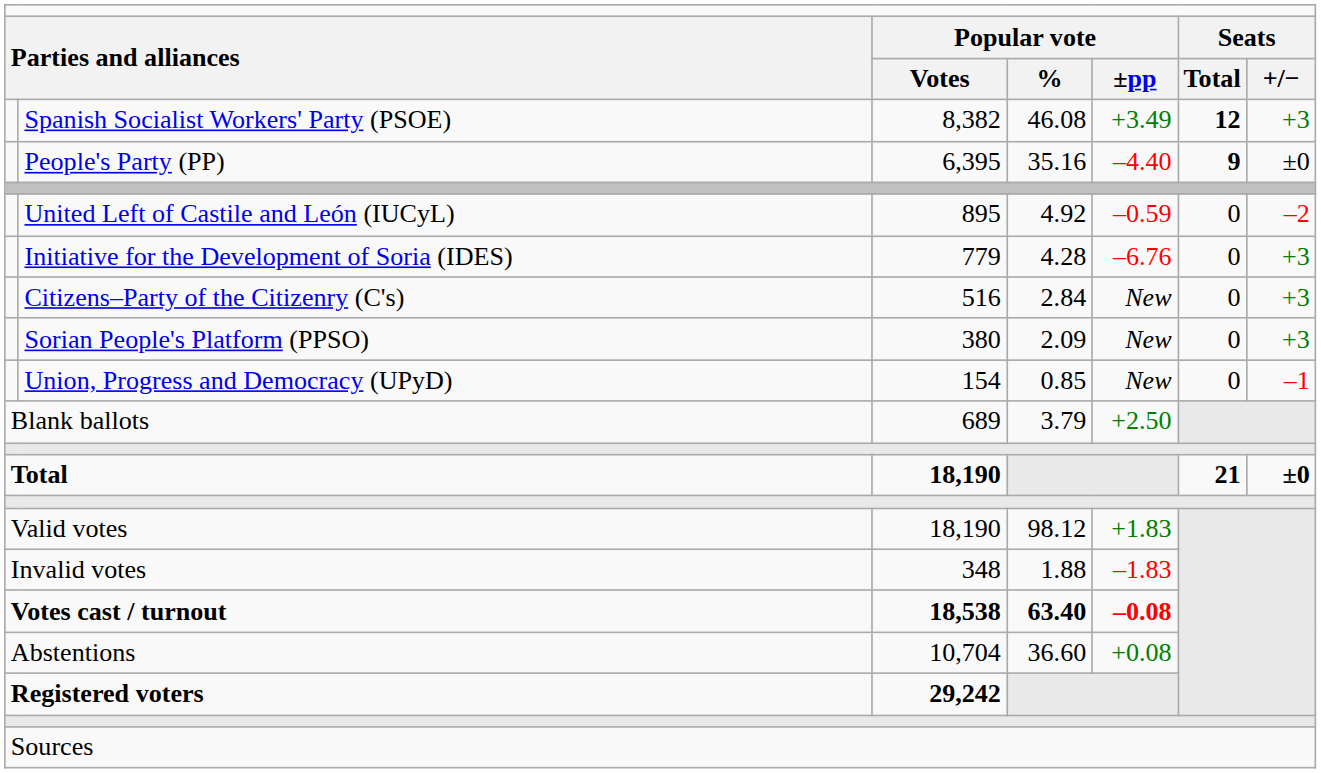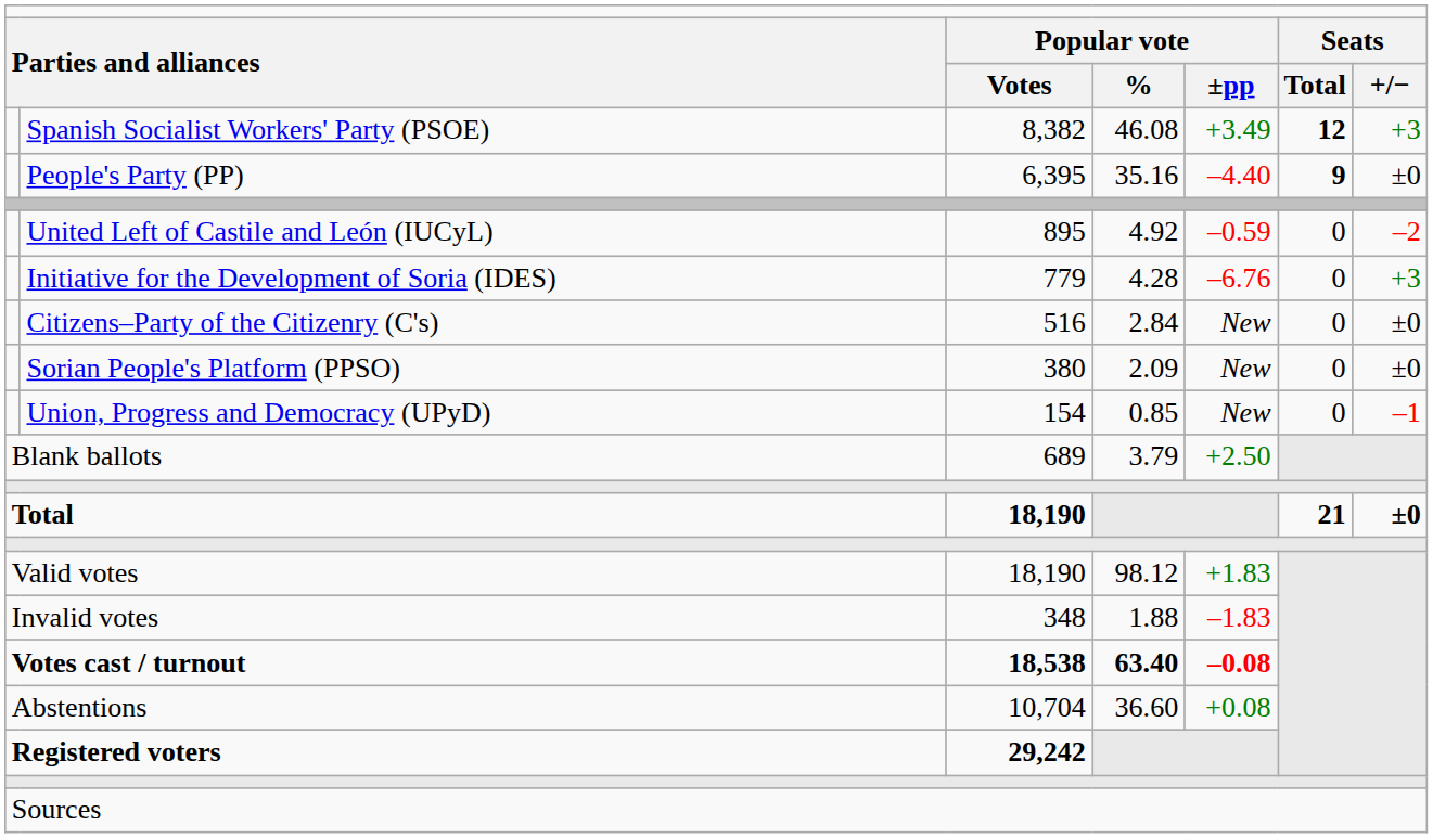 <table class="wikitable" style="text-align:right;">
 <tr>
 <td colspan="7"></td>
 </tr>
 <tr>
 <th style="text-align:left;" rowspan="2" colspan="2" width="525">Parties and alliances</th>
 <th colspan="3">Popular vote</th>
 <th colspan="2">Seats</th>
 </tr>
 <tr>
 <th width="75">Votes</th>
 <th width="45">%</th>
 <th width="45">±<a href='#'>pp</a></th>
 <th width="35">Total</th>
 <th width="35">+/−</th>
 </tr>
 <tr>
 <td width="1" style="color:inherit;background:"></td>
 <td align="left"><a href='#'>Spanish Socialist Workers' Party</a> (PSOE)</td>
 <td>8,382</td>
 <td>46.08</td>
 <td style="color:green;">+3.49</td>
 <td><strong>12</strong></td>
 <td style="color:green;">+3</td>
 </tr>
 <tr>
 <td style="color:inherit;background:"></td>
 <td align="left"><a href='#'>People's Party</a> (PP)</td>
 <td>6,395</td>
 <td>35.16</td>
 <td style="color:red;">–4.40</td>
 <td><strong>9</strong></td>
 <td>±0</td>
 </tr>
 <tr>
 <td colspan="7" bgcolor="#C0C0C0"></td>
 </tr>
 <tr>
 <td style="color:inherit;background:"></td>
 <td align="left"><a href='#'>United Left of Castile and León</a> (IUCyL)</td>
 <td>895</td>
 <td>4.92</td>
 <td style="color:red;">–0.59</td>
 <td>0</td>
 <td style="color:red;">–2</td>
 </tr>
 <tr>
 <td style="color:inherit;background:"></td>
 <td align="left"><a href='#'>Initiative for the Development of Soria</a> (IDES)</td>
 <td>779</td>
 <td>4.28</td>
 <td style="color:red;">–6.76</td>
 <td>0</td>
 <td style="color:green;">+3</td>
 </tr>
 <tr>
 <td style="color:inherit;background:"></td>
 <td align="left"><a href='#'>Citizens–Party of the Citizenry</a> (C's)</td>
 <td>516</td>
 <td>2.84</td>
 <td><em>New</em></td>
 <td>0</td>
-<td style="color:green;">+3</td>
+<td>±0</td>
 </tr>
 <tr>
 <td style="color:inherit;background:"></td>
 <td align="left"><a href='#'>Sorian People's Platform</a> (PPSO)</td>
 <td>380</td>
 <td>2.09</td>
 <td><em>New</em></td>
 <td>0</td>
-<td style="color:green;">+3</td>
+<td>±0</td>
 </tr>
 <tr>
 <td style="color:inherit;background:"></td>
 <td align="left"><a href='#'>Union, Progress and Democracy</a> (UPyD)</td>
 <td>154</td>
 <td>0.85</td>
 <td><em>New</em></td>
 <td>0</td>
 <td style="color:red;">–1</td>
 </tr>
 <tr>
 <td align="left" colspan="2">Blank ballots</td>
 <td>689</td>
 <td>3.79</td>
 <td style="color:green;">+2.50</td>
 <td bgcolor="#E9E9E9" colspan="2"></td>
 </tr>
 <tr>
 <td colspan="7" bgcolor="#E9E9E9"></td>
 </tr>
 <tr style="font-weight:bold;">
 <td align="left" colspan="2">Total</td>
 <td>18,190</td>
 <td bgcolor="#E9E9E9" colspan="2"></td>
 <td>21</td>
 <td>±0</td>
 </tr>
 <tr>
 <td colspan="7" bgcolor="#E9E9E9"></td>
 </tr>
 <tr>
 <td align="left" colspan="2">Valid votes</td>
 <td>18,190</td>
 <td>98.12</td>
 <td style="color:green;">+1.83</td>
 <td bgcolor="#E9E9E9" colspan="2" rowspan="5"></td>
 </tr>
 <tr>
 <td align="left" colspan="2">Invalid votes</td>
 <td>348</td>
 <td>1.88</td>
 <td style="color:red;">–1.83</td>
 </tr>
 <tr style="font-weight:bold;">
 <td align="left" colspan="2">Votes cast / turnout</td>
 <td>18,538</td>
 <td>63.40</td>
 <td style="color:red;">–0.08</td>
 </tr>
 <tr>
 <td align="left" colspan="2">Abstentions</td>
 <td>10,704</td>
 <td>36.60</td>
 <td style="color:green;">+0.08</td>
 </tr>
 <tr style="font-weight:bold;">
 <td align="left" colspan="2">Registered voters</td>
 <td>29,242</td>
 <td bgcolor="#E9E9E9" colspan="2"></td>
 </tr>
 <tr>
 <td colspan="7" bgcolor="#E9E9E9"></td>
 </tr>
 <tr>
 <td align="left" colspan="7">Sources</td>
 </tr>
 </table>
